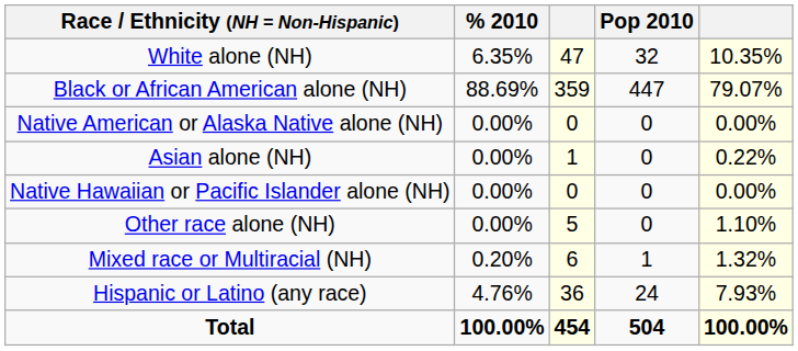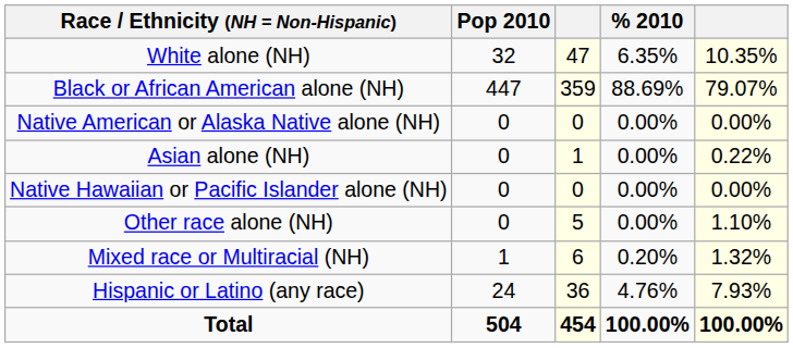 <table class="wikitable" style="text-align:center;">
 <tr>
 <th>Race / Ethnicity <small>(<em>NH = Non-Hispanic</em>)</small></th>
+<th>Pop 2010</th>
+<th></th>
 <th>% 2010</th>
-<th></th>
-<th>Pop 2010</th>
 <th></th>
 </tr>
 <tr>
 <td><a href='#'>White</a> alone (NH)</td>
+<td>32</td>
+<td style='background: #ffffe6;'>47</td>
 <td>6.35%</td>
-<td style='background: #ffffe6;'>47</td>
-<td>32</td>
 <td style='background: #ffffe6;'>10.35%</td>
 </tr>
 <tr>
 <td><a href='#'>Black or African American</a> alone (NH)</td>
+<td>447</td>
+<td style='background: #ffffe6;'>359</td>
 <td>88.69%</td>
-<td style='background: #ffffe6;'>359</td>
-<td>447</td>
 <td style='background: #ffffe6;'>79.07%</td>
 </tr>
 <tr>
 <td><a href='#'>Native American</a> or <a href='#'>Alaska Native</a> alone (NH)</td>
+<td>0</td>
+<td style='background: #ffffe6;'>0</td>
 <td>0.00%</td>
-<td style='background: #ffffe6;'>0</td>
-<td>0</td>
 <td style='background: #ffffe6;'>0.00%</td>
 </tr>
 <tr>
 <td><a href='#'>Asian</a> alone (NH)</td>
+<td>0</td>
+<td style='background: #ffffe6;'>1</td>
 <td>0.00%</td>
-<td style='background: #ffffe6;'>1</td>
-<td>0</td>
 <td style='background: #ffffe6;'>0.22%</td>
 </tr>
 <tr>
 <td><a href='#'>Native Hawaiian</a> or <a href='#'>Pacific Islander</a> alone (NH)</td>
+<td>0</td>
+<td style='background: #ffffe6;'>0</td>
 <td>0.00%</td>
-<td style='background: #ffffe6;'>0</td>
-<td>0</td>
 <td style='background: #ffffe6;'>0.00%</td>
 </tr>
 <tr>
 <td><a href='#'>Other race</a> alone (NH)</td>
+<td>0</td>
+<td style='background: #ffffe6;'>5</td>
 <td>0.00%</td>
-<td style='background: #ffffe6;'>5</td>
-<td>0</td>
 <td style='background: #ffffe6;'>1.10%</td>
 </tr>
 <tr>
 <td><a href='#'>Mixed race or Multiracial</a> (NH)</td>
+<td>1</td>
+<td style='background: #ffffe6;'>6</td>
 <td>0.20%</td>
-<td style='background: #ffffe6;'>6</td>
-<td>1</td>
 <td style='background: #ffffe6;'>1.32%</td>
 </tr>
 <tr>
 <td><a href='#'>Hispanic or Latino</a> (any race)</td>
+<td>24</td>
+<td style='background: #ffffe6;'>36</td>
 <td>4.76%</td>
-<td style='background: #ffffe6;'>36</td>
-<td>24</td>
 <td style='background: #ffffe6;'>7.93%</td>
 </tr>
 <tr>
 <td><strong>Total</strong></td>
+<td><strong>504</strong></td>
+<td style='background: #ffffe6;'><strong>454</strong></td>
 <td><strong>100.00%</strong></td>
-<td style='background: #ffffe6;'><strong>454</strong></td>
-<td><strong>504</strong></td>
 <td style='background: #ffffe6;'><strong>100.00%</strong></td>
 </tr>
 </table>
